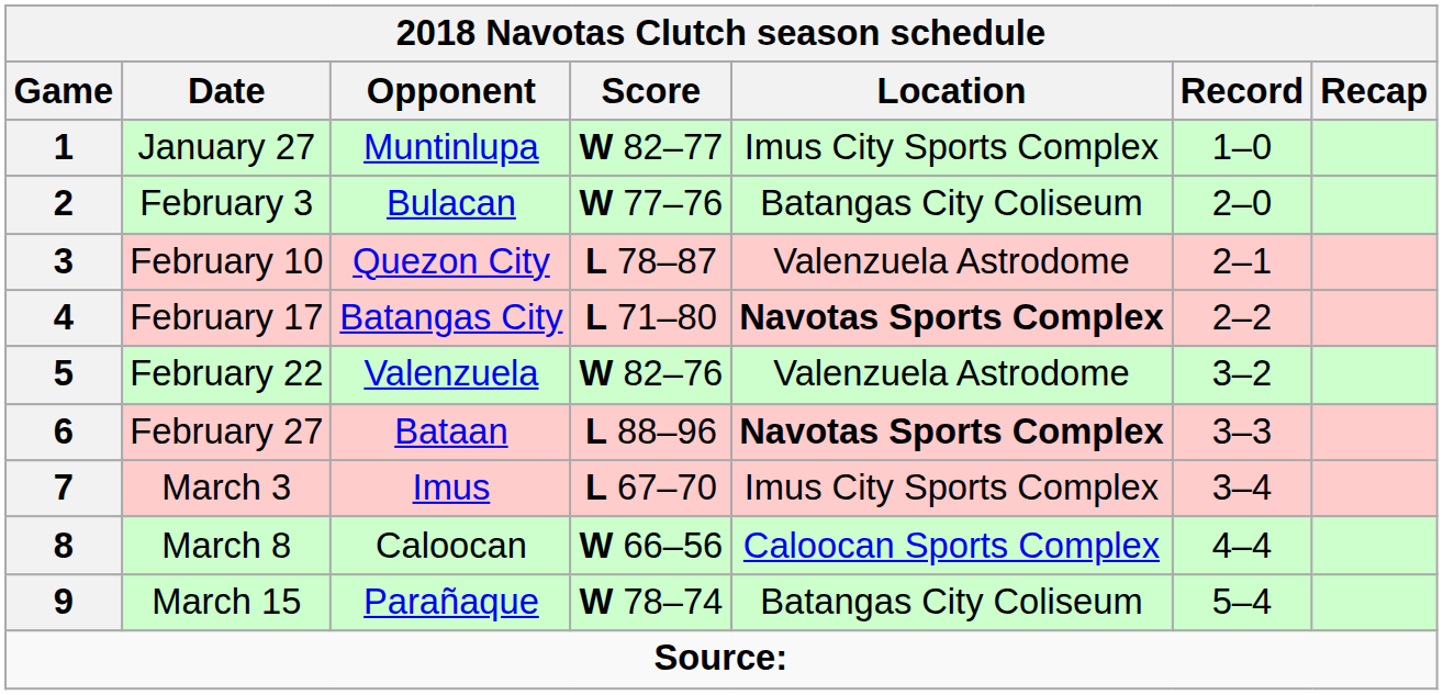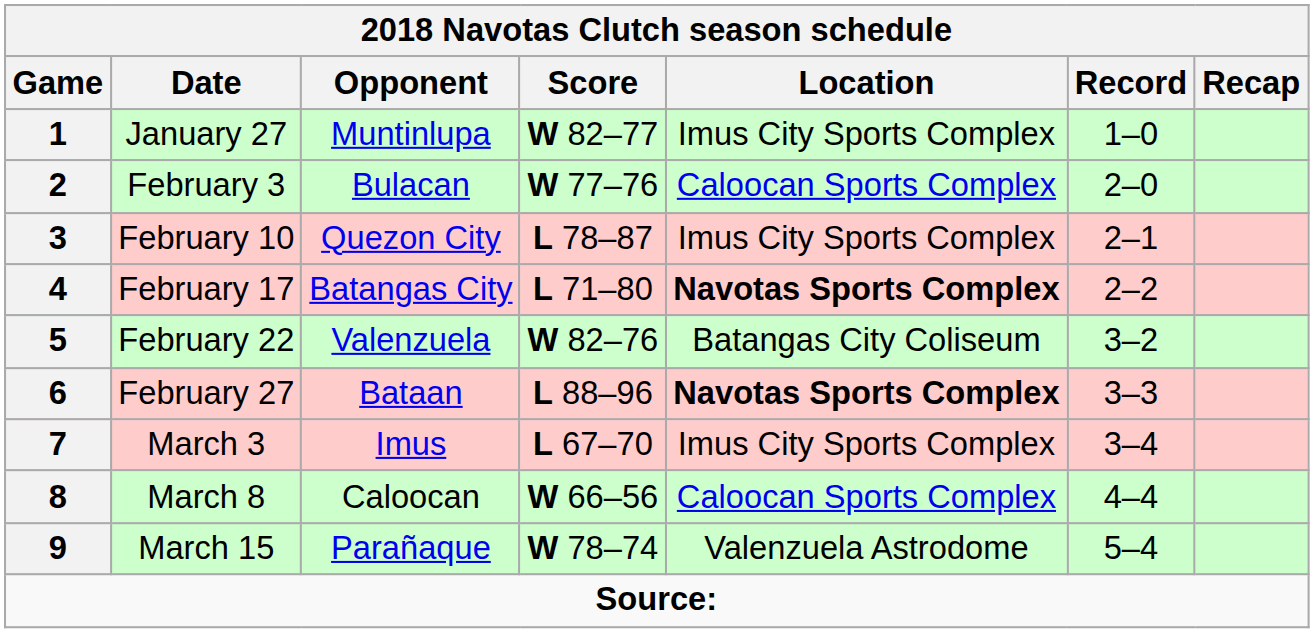 <table class="wikitable" style="text-align:center">
 <tr>
 <th colspan=7>2018 Navotas Clutch season schedule</th>
 </tr>
 <tr>
 <th>Game</th>
 <th>Date</th>
 <th>Opponent</th>
 <th>Score</th>
 <th>Location</th>
 <th>Record</th>
 <th>Recap</th>
 </tr>
 <tr style="background:#cfc">
 <th>1</th>
 <td>January 27</td>
 <td><a href='#'>Muntinlupa</a></td>
 <td><strong>W</strong> 82–77</td>
 <td>Imus City Sports Complex</td>
 <td>1–0</td>
 <td></td>
 </tr>
 <tr style="background:#cfc">
 <th>2</th>
 <td>February 3</td>
 <td><a href='#'>Bulacan</a></td>
 <td><strong>W</strong> 77–76 </td>
-<td>Batangas City Coliseum</td>
+<td><a href='#'>Caloocan Sports Complex</a></td>
 <td>2–0</td>
 <td></td>
 </tr>
 <tr style="background:#fcc">
 <th>3</th>
 <td>February 10</td>
 <td><a href='#'>Quezon City</a></td>
 <td><strong>L</strong> 78–87</td>
-<td>Valenzuela Astrodome</td>
+<td>Imus City Sports Complex</td>
 <td>2–1</td>
 <td></td>
 </tr>
 <tr style="background:#fcc">
 <th>4</th>
 <td>February 17</td>
 <td><a href='#'>Batangas City</a></td>
 <td><strong>L</strong> 71–80</td>
 <td><strong>Navotas Sports Complex</strong></td>
 <td>2–2</td>
 <td></td>
 </tr>
 <tr style="background:#cfc">
 <th>5</th>
 <td>February 22</td>
 <td><a href='#'>Valenzuela</a></td>
 <td><strong>W</strong> 82–76</td>
-<td>Valenzuela Astrodome</td>
+<td>Batangas City Coliseum</td>
 <td>3–2</td>
 <td></td>
 </tr>
 <tr style="background:#fcc">
 <th>6</th>
 <td>February 27</td>
 <td><a href='#'>Bataan</a></td>
 <td><strong>L</strong> 88–96</td>
 <td><strong>Navotas Sports Complex</strong></td>
 <td>3–3</td>
 <td></td>
 </tr>
 <tr style="background:#fcc">
 <th>7</th>
 <td>March 3</td>
 <td><a href='#'>Imus</a></td>
 <td><strong>L</strong> 67–70</td>
 <td>Imus City Sports Complex</td>
 <td>3–4</td>
 <td></td>
 </tr>
 <tr style="background:#cfc">
 <th>8</th>
 <td>March 8</td>
 <td>Caloocan</td>
 <td><strong>W</strong> 66–56</td>
 <td><a href='#'>Caloocan Sports Complex</a></td>
 <td>4–4</td>
 <td></td>
 </tr>
 <tr style="background:#cfc">
 <th>9</th>
 <td>March 15</td>
 <td><a href='#'>Parañaque</a></td>
 <td><strong>W</strong> 78–74</td>
-<td>Batangas City Coliseum</td>
+<td>Valenzuela Astrodome</td>
 <td>5–4</td>
 <td></td>
 </tr>
 <tr>
 <td colspan=7 align=center><strong>Source: </strong></td>
 </tr>
 </table>
